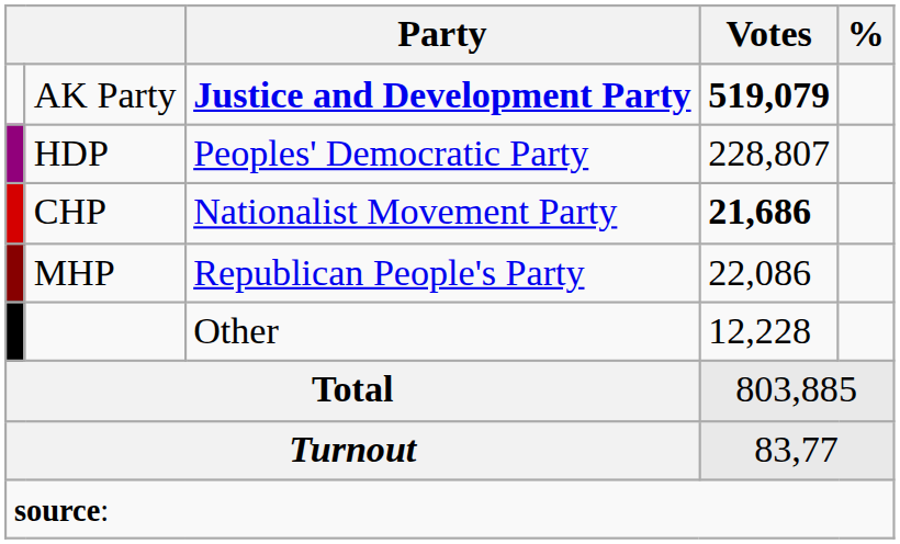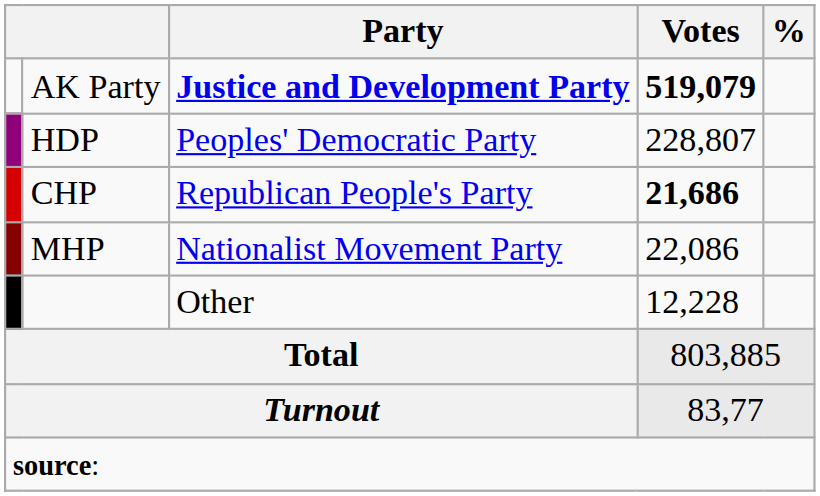 <table class="wikitable">
 <tr>
 <th colspan="2" align="center"></th>
 <th align="center">Party</th>
 <th align="center">Votes</th>
 <th align="center">%</th>
 </tr>
 <tr align="left">
 <td></td>
 <td>AK Party</td>
 <td><strong><a href='#'>Justice and Development Party</a></strong></td>
 <td><strong>519,079</strong></td>
 <td><strong></strong></td>
 </tr>
 <tr align="left">
 <td bgcolor="#91007B" width="1"></td>
 <td>HDP</td>
 <td><a href='#'>Peoples' Democratic Party</a></td>
 <td>228,807</td>
 <td></td>
 </tr>
 <tr align="left">
 <td bgcolor="#d50000" width="1"></td>
 <td>CHP</td>
-<td><a href='#'>Nationalist Movement Party</a></td>
+<td><a href='#'>Republican People's Party</a></td>
 <td><strong>21,686</strong></td>
 <td></td>
 </tr>
 <tr align="left">
 <td bgcolor="#870000" width="1"></td>
 <td>MHP</td>
-<td><a href='#'>Republican People's Party</a></td>
+<td><a href='#'>Nationalist Movement Party</a></td>
 <td>22,086</td>
 <td></td>
 </tr>
 <tr align="left">
 <td bgcolor=" " width="1"></td>
 <td></td>
 <td>Other</td>
 <td>12,228</td>
 <td></td>
 </tr>
 <tr align="left" style="background-color:#E9E9E9">
 <th colspan="3" align="center"><strong>Total</strong></th>
 <td colspan="5" align="center">803,885</td>
 </tr>
 <tr align="left" style="background-color:#E9E9E9">
 <th colspan="3" align="center"><em>Turnout</em></th>
 <td colspan="5" align="center">83,77</td>
 </tr>
 <tr>
 <td colspan="9" align="left"><small><strong>source</strong>: </small></td>
 </tr>
 </table>
